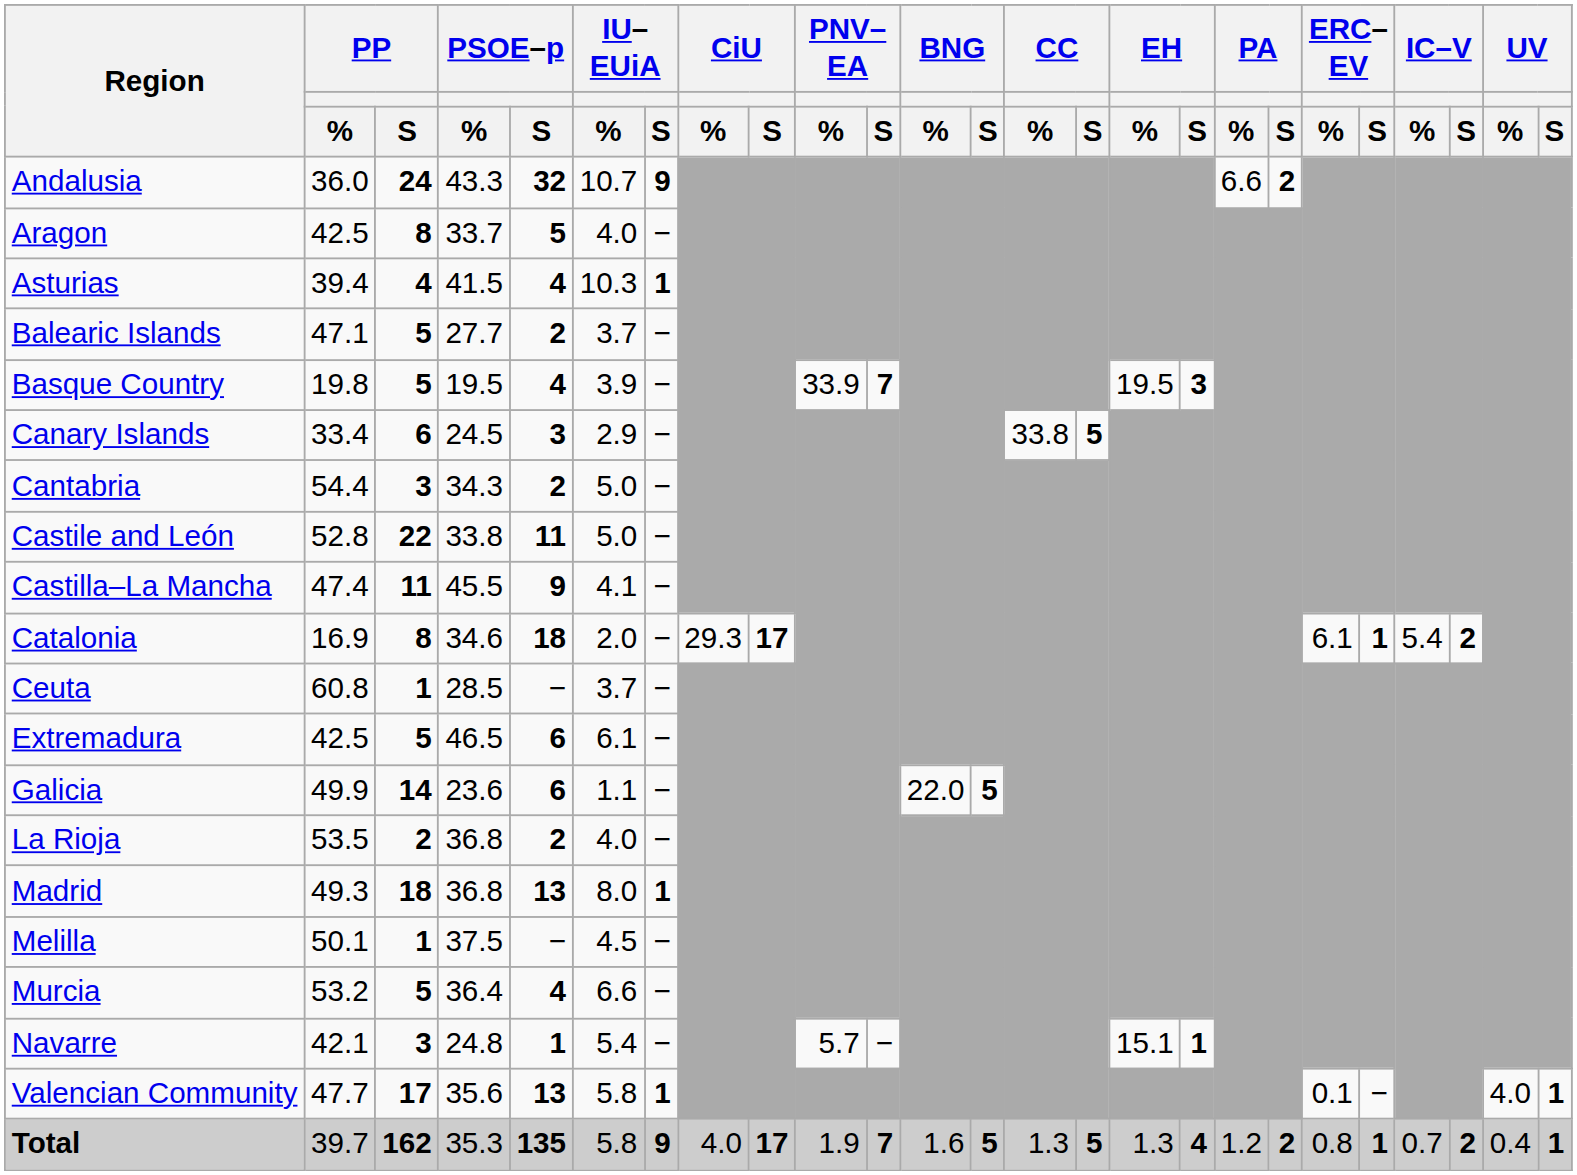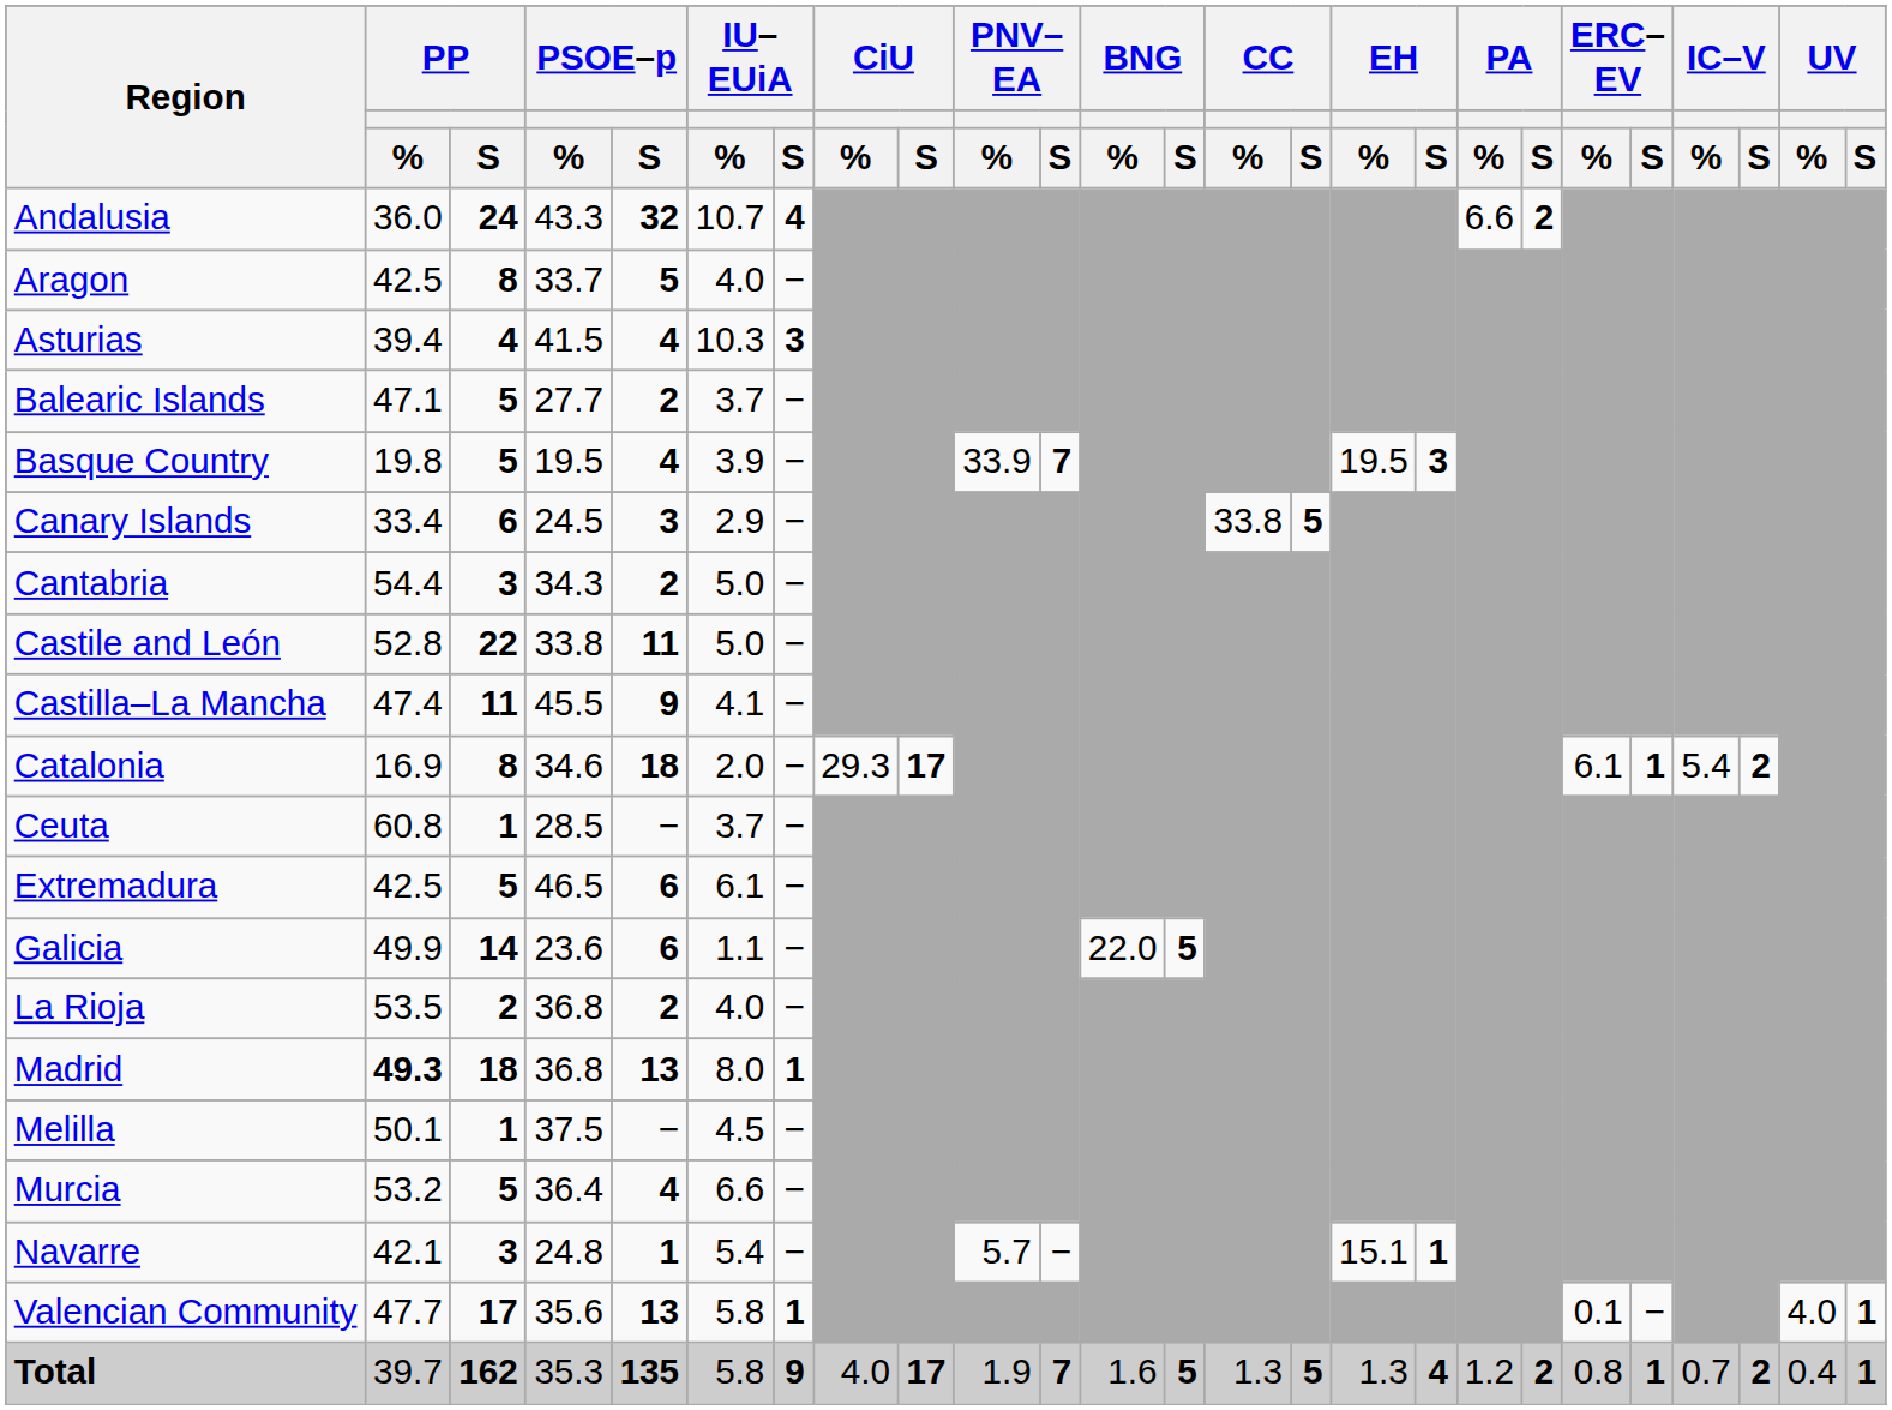 <table class="wikitable sortable" style="text-align:right; line-height:20px">
 <tr>
 <th rowspan="3">Region</th>
 <th colspan="2" width="30px" class="unsortable"><a href='#'>PP</a></th>
 <th colspan="2" width="30px" class="unsortable"><a href='#'>PSOE</a>–<a href='#'>p</a></th>
 <th colspan="2" width="30px" class="unsortable"><a href='#'>IU</a>–<a href='#'>EUiA</a></th>
 <th colspan="2" width="30px" class="unsortable"><a href='#'>CiU</a></th>
 <th colspan="2" width="30px" class="unsortable"><a href='#'>PNV–EA</a></th>
 <th colspan="2" width="30px" class="unsortable"><a href='#'>BNG</a></th>
 <th colspan="2" width="30px" class="unsortable"><a href='#'>CC</a></th>
 <th colspan="2" width="30px" class="unsortable"><a href='#'>EH</a></th>
 <th colspan="2" width="30px" class="unsortable"><a href='#'>PA</a></th>
 <th colspan="2" width="30px" class="unsortable"><a href='#'>ERC</a>–<a href='#'>EV</a></th>
 <th colspan="2" width="30px" class="unsortable"><a href='#'>IC–V</a></th>
 <th colspan="2" width="30px" class="unsortable"><a href='#'>UV</a></th>
 </tr>
 <tr>
 <th colspan="2" style="background:"></th>
 <th colspan="2" style="background:"></th>
 <th colspan="2" style="background:"></th>
 <th colspan="2" style="background:"></th>
 <th colspan="2" style="background:"></th>
 <th colspan="2" style="background:"></th>
 <th colspan="2" style="background:"></th>
 <th colspan="2" style="background:"></th>
 <th colspan="2" style="background:"></th>
 <th colspan="2" style="background:"></th>
 <th colspan="2" style="background:"></th>
 <th colspan="2" style="background:"></th>
 </tr>
 <tr>
 <th data-sort-type="number">%</th>
 <th data-sort-type="number">S</th>
 <th data-sort-type="number">%</th>
 <th data-sort-type="number">S</th>
 <th data-sort-type="number">%</th>
 <th data-sort-type="number">S</th>
 <th data-sort-type="number">%</th>
 <th data-sort-type="number">S</th>
 <th data-sort-type="number">%</th>
 <th data-sort-type="number">S</th>
 <th data-sort-type="number">%</th>
 <th data-sort-type="number">S</th>
 <th data-sort-type="number">%</th>
 <th data-sort-type="number">S</th>
 <th data-sort-type="number">%</th>
 <th data-sort-type="number">S</th>
 <th data-sort-type="number">%</th>
 <th data-sort-type="number">S</th>
 <th data-sort-type="number">%</th>
 <th data-sort-type="number">S</th>
 <th data-sort-type="number">%</th>
 <th data-sort-type="number">S</th>
 <th data-sort-type="number">%</th>
 <th data-sort-type="number">S</th>
 </tr>
 <tr>
 <td align="left"><a href='#'>Andalusia</a></td>
 <td>36.0</td>
 <td><strong>24</strong></td>
 <td style="background:">43.3</td>
 <td><strong>32</strong></td>
 <td>10.7</td>
-<td><strong>9</strong></td>
+<td><strong>4</strong></td>
 <td colspan="2" rowspan="9" bgcolor="#AAAAAA"></td>
 <td colspan="2" rowspan="4" bgcolor="#AAAAAA"></td>
 <td colspan="2" rowspan="12" bgcolor="#AAAAAA"></td>
 <td colspan="2" rowspan="5" bgcolor="#AAAAAA"></td>
 <td colspan="2" rowspan="4" bgcolor="#AAAAAA"></td>
 <td>6.6</td>
 <td><strong>2</strong></td>
 <td colspan="2" rowspan="9" bgcolor="#AAAAAA"></td>
 <td colspan="2" rowspan="9" bgcolor="#AAAAAA"></td>
 <td colspan="2" rowspan="18" bgcolor="#AAAAAA"></td>
 </tr>
 <tr>
 <td align="left"><a href='#'>Aragon</a></td>
 <td style="background:">42.5</td>
 <td><strong>8</strong></td>
 <td>33.7</td>
 <td><strong>5</strong></td>
 <td>4.0</td>
 <td>−</td>
 <td colspan="2" rowspan="18" bgcolor="#AAAAAA"></td>
 </tr>
 <tr>
 <td align="left"><a href='#'>Asturias</a></td>
 <td>39.4</td>
 <td><strong>4</strong></td>
 <td style="background:">41.5</td>
 <td><strong>4</strong></td>
 <td>10.3</td>
-<td><strong>1</strong></td>
+<td><strong>3</strong></td>
 </tr>
 <tr>
 <td align="left"><a href='#'>Balearic Islands</a></td>
 <td style="background:">47.1</td>
 <td><strong>5</strong></td>
 <td>27.7</td>
 <td><strong>2</strong></td>
 <td>3.7</td>
 <td>−</td>
 </tr>
 <tr>
 <td align="left"><a href='#'>Basque Country</a></td>
 <td>19.8</td>
 <td><strong>5</strong></td>
 <td>19.5</td>
 <td><strong>4</strong></td>
 <td>3.9</td>
 <td>−</td>
 <td style="background:">33.9</td>
 <td><strong>7</strong></td>
 <td>19.5</td>
 <td><strong>3</strong></td>
 </tr>
 <tr>
 <td align="left"><a href='#'>Canary Islands</a></td>
 <td>33.4</td>
 <td><strong>6</strong></td>
 <td>24.5</td>
 <td><strong>3</strong></td>
 <td>2.9</td>
 <td>−</td>
 <td colspan="2" rowspan="12" bgcolor="#AAAAAA"></td>
 <td style="background:">33.8</td>
 <td><strong>5</strong></td>
 <td colspan="2" rowspan="12" bgcolor="#AAAAAA"></td>
 </tr>
 <tr>
 <td align="left"><a href='#'>Cantabria</a></td>
 <td style="background:">54.4</td>
 <td><strong>3</strong></td>
 <td>34.3</td>
 <td><strong>2</strong></td>
 <td>5.0</td>
 <td>−</td>
 <td colspan="2" rowspan="13" bgcolor="#AAAAAA"></td>
 </tr>
 <tr>
 <td align="left"><a href='#'>Castile and León</a></td>
 <td style="background:">52.8</td>
 <td><strong>22</strong></td>
 <td>33.8</td>
 <td><strong>11</strong></td>
 <td>5.0</td>
 <td>−</td>
 </tr>
 <tr>
 <td align="left"><a href='#'>Castilla–La Mancha</a></td>
 <td style="background:">47.4</td>
 <td><strong>11</strong></td>
 <td>45.5</td>
 <td><strong>9</strong></td>
 <td>4.1</td>
 <td>−</td>
 </tr>
 <tr>
 <td align="left"><a href='#'>Catalonia</a></td>
 <td>16.9</td>
 <td><strong>8</strong></td>
 <td style="background:">34.6</td>
 <td><strong>18</strong></td>
 <td>2.0</td>
 <td>−</td>
 <td>29.3</td>
 <td><strong>17</strong></td>
 <td>6.1</td>
 <td><strong>1</strong></td>
 <td>5.4</td>
 <td><strong>2</strong></td>
 </tr>
 <tr>
 <td align="left"><a href='#'>Ceuta</a></td>
 <td style="background:">60.8</td>
 <td><strong>1</strong></td>
 <td>28.5</td>
 <td>−</td>
 <td>3.7</td>
 <td>−</td>
 <td colspan="2" rowspan="9" bgcolor="#AAAAAA"></td>
 <td colspan="2" rowspan="8" bgcolor="#AAAAAA"></td>
 <td colspan="2" rowspan="9" bgcolor="#AAAAAA"></td>
 </tr>
 <tr>
 <td align="left"><a href='#'>Extremadura</a></td>
 <td>42.5</td>
 <td><strong>5</strong></td>
 <td style="background:">46.5</td>
 <td><strong>6</strong></td>
 <td>6.1</td>
 <td>−</td>
 </tr>
 <tr>
 <td align="left"><a href='#'>Galicia</a></td>
 <td style="background:">49.9</td>
 <td><strong>14</strong></td>
 <td>23.6</td>
 <td><strong>6</strong></td>
 <td>1.1</td>
 <td>−</td>
 <td>22.0</td>
 <td><strong>5</strong></td>
 </tr>
 <tr>
 <td align="left"><a href='#'>La Rioja</a></td>
 <td style="background:">53.5</td>
 <td><strong>2</strong></td>
 <td>36.8</td>
 <td><strong>2</strong></td>
 <td>4.0</td>
 <td>−</td>
 <td colspan="2" rowspan="6" bgcolor="#AAAAAA"></td>
 </tr>
 <tr>
 <td align="left"><a href='#'>Madrid</a></td>
-<td style="background:">49.3</td>
+<td style="background:"><strong>49.3</strong></td>
 <td><strong>18</strong></td>
 <td>36.8</td>
 <td><strong>13</strong></td>
 <td>8.0</td>
 <td><strong>1</strong></td>
 </tr>
 <tr>
 <td align="left"><a href='#'>Melilla</a></td>
 <td style="background:">50.1</td>
 <td><strong>1</strong></td>
 <td>37.5</td>
 <td>−</td>
 <td>4.5</td>
 <td>−</td>
 </tr>
 <tr>
 <td align="left"><a href='#'>Murcia</a></td>
 <td style="background:">53.2</td>
 <td><strong>5</strong></td>
 <td>36.4</td>
 <td><strong>4</strong></td>
 <td>6.6</td>
 <td>−</td>
 </tr>
 <tr>
 <td align="left"><a href='#'>Navarre</a></td>
 <td style="background:">42.1</td>
 <td><strong>3</strong></td>
 <td>24.8</td>
 <td><strong>1</strong></td>
 <td>5.4</td>
 <td>−</td>
 <td>5.7</td>
 <td>−</td>
 <td>15.1</td>
 <td><strong>1</strong></td>
 </tr>
 <tr>
 <td align="left"><a href='#'>Valencian Community</a></td>
 <td style="background:">47.7</td>
 <td><strong>17</strong></td>
 <td>35.6</td>
 <td><strong>13</strong></td>
 <td>5.8</td>
 <td><strong>1</strong></td>
 <td colspan="2" bgcolor="#AAAAAA"></td>
 <td colspan="2" bgcolor="#AAAAAA"></td>
 <td>0.1</td>
 <td>−</td>
 <td>4.0</td>
 <td><strong>1</strong></td>
 </tr>
 <tr style="background:#CDCDCD;">
 <td align="left"><strong>Total</strong></td>
 <td style="background:">39.7</td>
 <td><strong>162</strong></td>
 <td>35.3</td>
 <td><strong>135</strong></td>
 <td>5.8</td>
 <td><strong>9</strong></td>
 <td>4.0</td>
 <td><strong>17</strong></td>
 <td>1.9</td>
 <td><strong>7</strong></td>
 <td>1.6</td>
 <td><strong>5</strong></td>
 <td>1.3</td>
 <td><strong>5</strong></td>
 <td>1.3</td>
 <td><strong>4</strong></td>
 <td>1.2</td>
 <td><strong>2</strong></td>
 <td>0.8</td>
 <td><strong>1</strong></td>
 <td>0.7</td>
 <td><strong>2</strong></td>
 <td>0.4</td>
 <td><strong>1</strong></td>
 </tr>
 </table>
